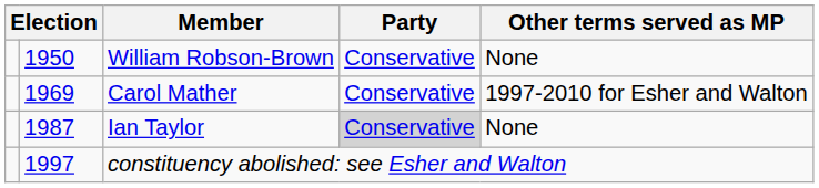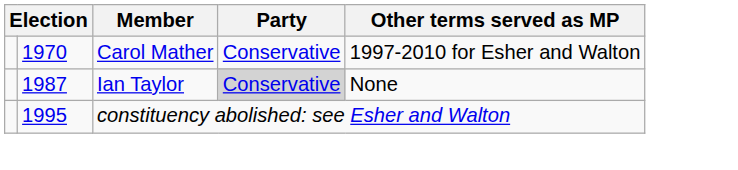 <table class="wikitable">
 <tr>
 <th colspan="2">Election</th>
 <th>Member </th>
 <th>Party</th>
 <th>Other terms served as MP</th>
 </tr>
 <tr>
 <td style="color:inherit;background-color: "></td>
-<td><a href='#'>1950</a></td>
-<td><a href='#'>William Robson-Brown</a></td>
-<td><a href='#'>Conservative</a></td>
-<td>None</td>
-</tr>
-<tr>
-<td style="color:inherit;background-color: "></td>
-<td><a href='#'>1969</a></td>
+<td><a href='#'>1970</a></td>
 <td><a href='#'>Carol Mather</a></td>
 <td><a href='#'>Conservative</a></td>
 <td>1997-2010 for Esher and Walton</td>
 </tr>
 <tr>
 <td style="color:inherit;background-color: "></td>
 <td><a href='#'>1987</a></td>
 <td><a href='#'>Ian Taylor</a></td>
 <td style="background: lightgrey;"><a href='#'>Conservative</a></td>
 <td>None</td>
 </tr>
 <tr>
 <td></td>
-<td><a href='#'>1997</a></td>
+<td><a href='#'>1995</a></td>
 <td colspan=3><em>constituency abolished: see <a href='#'>Esher and Walton</a></em></td>
 </tr>
 </table>
